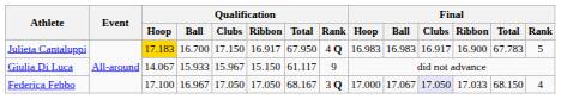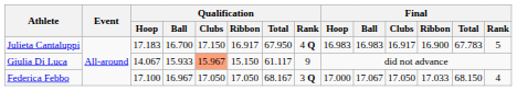 <table class=wikitable style="font-size:90%">
 <tr>
 <th rowspan="2">Athlete</th>
 <th rowspan="2">Event</th>
 <th colspan=6>Qualification</th>
 <th colspan=6>Final</th>
 </tr>
 <tr style="font-size:95%">
 <th>Hoop</th>
 <th>Ball</th>
 <th>Clubs</th>
 <th>Ribbon</th>
 <th>Total</th>
 <th>Rank</th>
 <th>Hoop</th>
 <th>Ball</th>
 <th>Clubs</th>
 <th>Ribbon</th>
 <th>Total</th>
 <th>Rank</th>
 </tr>
 <tr align=center>
 <td align=left><a href='#'>Julieta Cantaluppi</a></td>
 <td align=left rowspan=3><a href='#'>All-around</a></td>
-<td style="background: gold;">17.183</td>
+<td>17.183</td>
 <td>16.700</td>
 <td>17.150</td>
 <td>16.917</td>
 <td>67.950</td>
 <td>4 <strong>Q</strong></td>
 <td>16.983</td>
 <td>16.983</td>
 <td>16.917</td>
 <td>16.900</td>
 <td>67.783</td>
 <td>5</td>
 </tr>
 <tr align=center>
 <td align=left><a href='#'>Giulia Di Luca</a></td>
 <td>14.067</td>
 <td>15.933</td>
-<td>15.967</td>
+<td style="background: lightsalmon;">15.967</td>
 <td>15.150</td>
 <td>61.117</td>
 <td>9</td>
 <td colspan=6>did not advance</td>
 </tr>
 <tr align=center>
 <td align=left><a href='#'>Federica Febbo</a></td>
 <td>17.100</td>
 <td>16.967</td>
 <td>17.050</td>
 <td>17.050</td>
 <td>68.167</td>
 <td>3 <strong>Q</strong></td>
 <td>17.000</td>
 <td>17.067</td>
-<td style="background: lavender;">17.050</td>
+<td>17.050</td>
 <td>17.033</td>
 <td>68.150</td>
 <td>4</td>
 </tr>
 </table>
